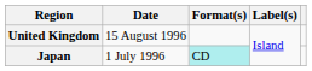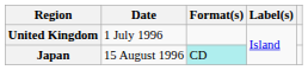 <table class="wikitable plainrowheaders">
 <tr>
 <th scope="col">Region</th>
 <th scope="col">Date</th>
 <th scope="col">Format(s)</th>
 <th scope="col">Label(s)</th>
 <th scope="col"></th>
 </tr>
 <tr>
 <th scope="row">United Kingdom</th>
-<td>15 August 1996</td>
+<td>1 July 1996</td>
 <td></td>
 <td rowspan="3"><a href='#'>Island</a></td>
 <td></td>
 </tr>
 <tr>
 <th scope="row">Japan</th>
-<td>1 July 1996</td>
+<td>15 August 1996</td>
 <td style="background: paleturquoise;">CD</td>
 <td></td>
 </tr>
 </table>
